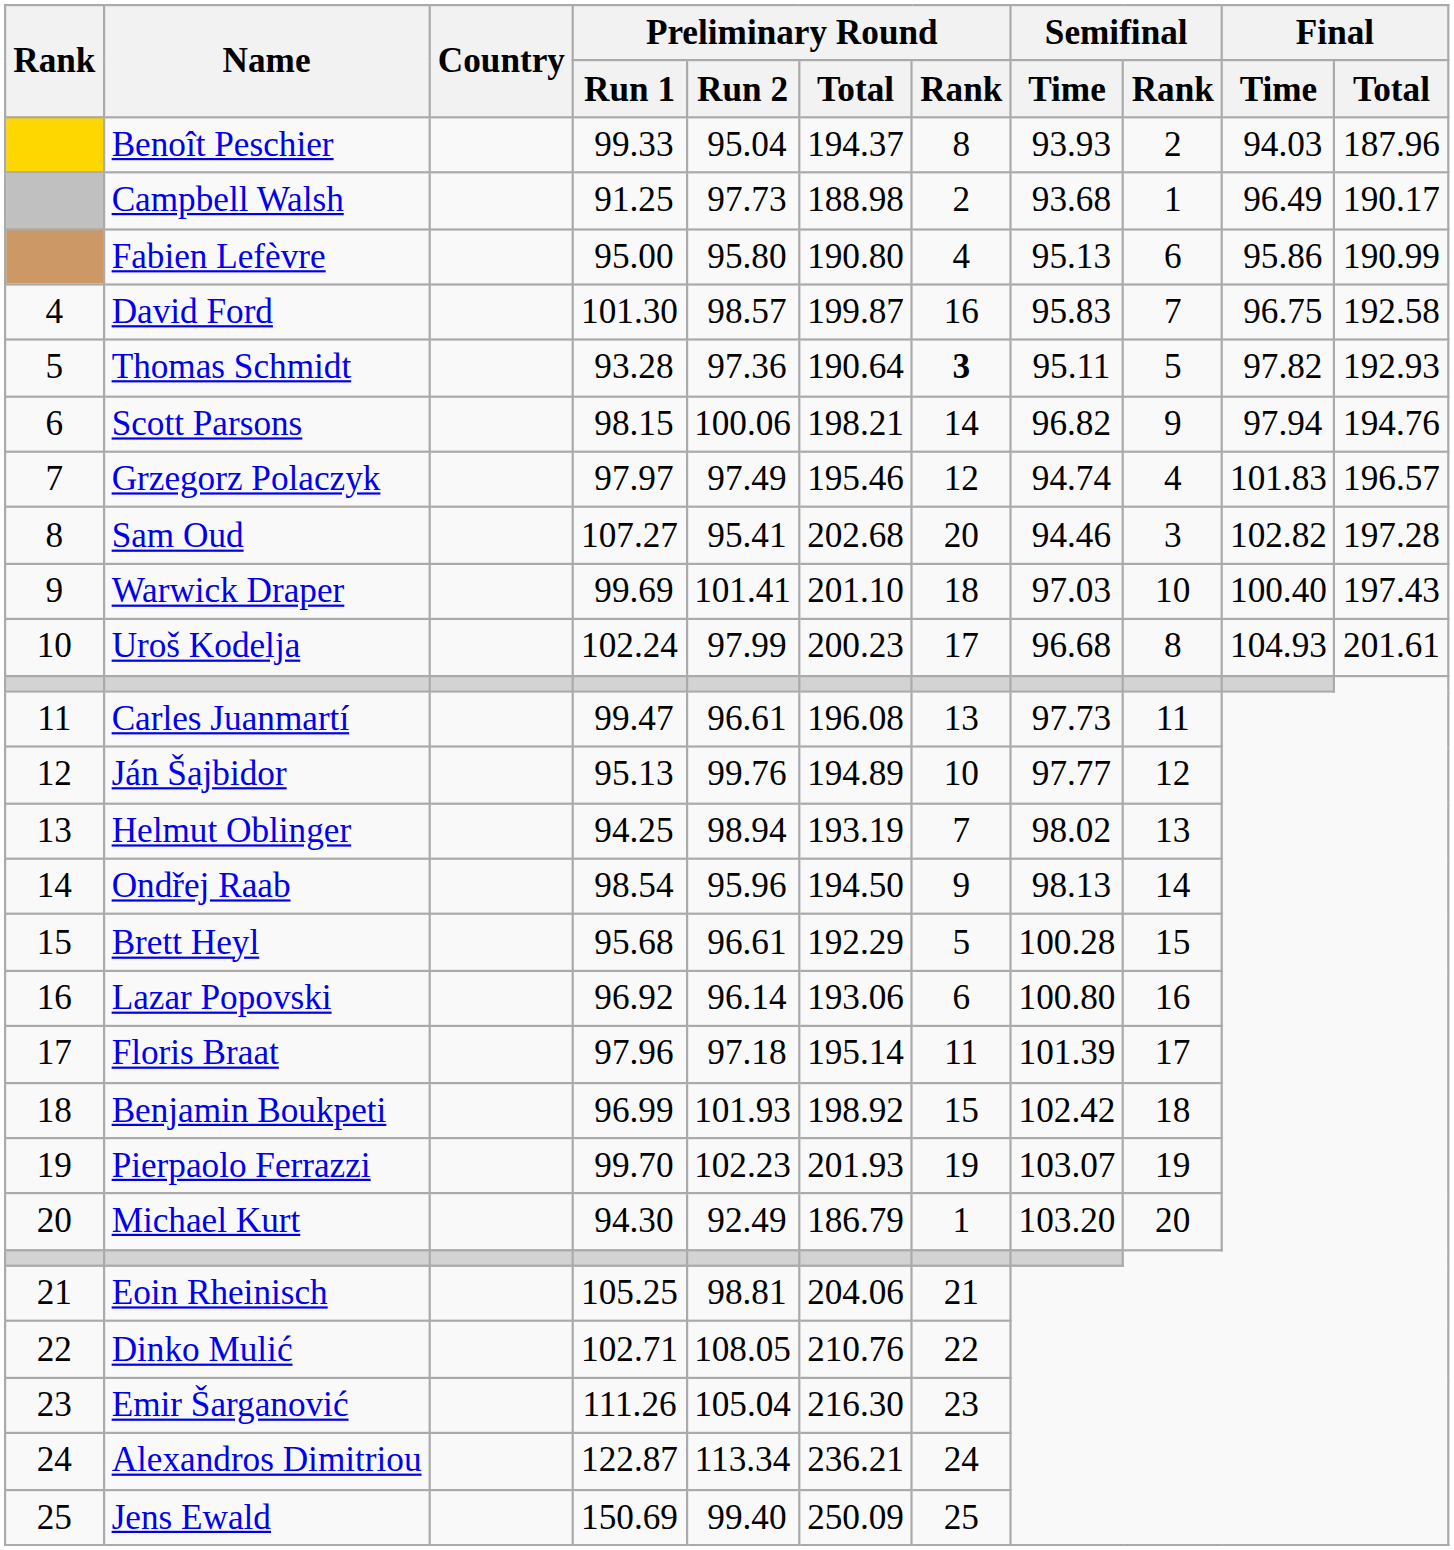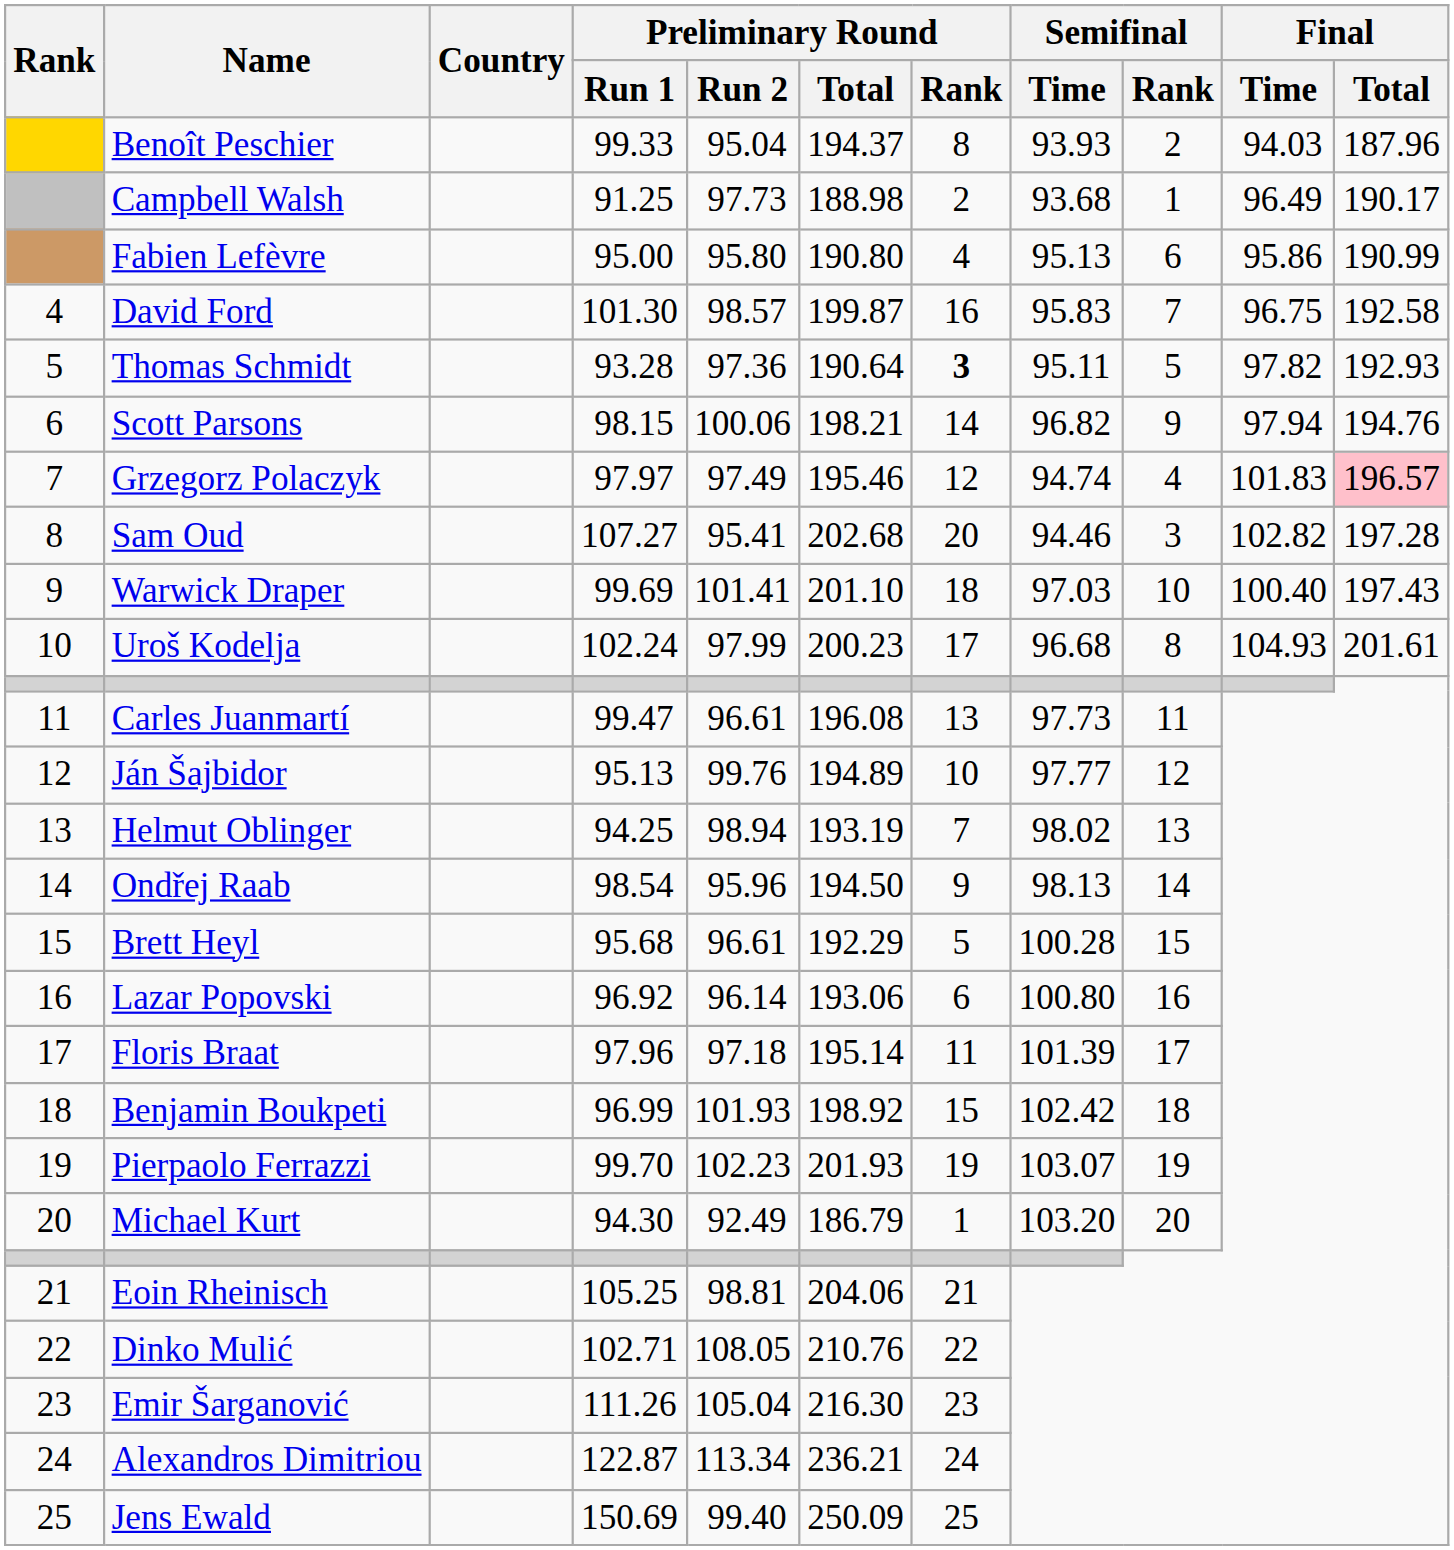 <table class="wikitable sortable" style="text-align:center">
 <tr>
 <th rowspan=2>Rank</th>
 <th rowspan=2>Name</th>
 <th rowspan=2>Country</th>
 <th colspan=4>Preliminary Round</th>
 <th colspan=2>Semifinal</th>
 <th colspan=2>Final</th>
 </tr>
 <tr>
 <th>Run 1</th>
 <th>Run 2</th>
 <th>Total</th>
 <th>Rank</th>
 <th>Time</th>
 <th>Rank</th>
 <th>Time</th>
 <th>Total</th>
 </tr>
 <tr>
 <td bgcolor=gold></td>
 <td align=left><a href='#'>Benoît Peschier</a></td>
 <td></td>
 <td> 99.33</td>
 <td> 95.04</td>
 <td>194.37</td>
 <td>8</td>
 <td> 93.93</td>
 <td>2</td>
 <td> 94.03</td>
 <td>187.96</td>
 </tr>
 <tr>
 <td bgcolor=silver></td>
 <td align=left><a href='#'>Campbell Walsh</a></td>
 <td></td>
 <td> 91.25</td>
 <td> 97.73</td>
 <td>188.98</td>
 <td>2</td>
 <td> 93.68</td>
 <td>1</td>
 <td> 96.49</td>
 <td>190.17</td>
 </tr>
 <tr>
 <td bgcolor=cc9966></td>
 <td align=left><a href='#'>Fabien Lefèvre</a></td>
 <td></td>
 <td> 95.00</td>
 <td> 95.80</td>
 <td>190.80</td>
 <td>4</td>
 <td> 95.13</td>
 <td>6</td>
 <td> 95.86</td>
 <td>190.99</td>
 </tr>
 <tr>
 <td>4</td>
 <td align=left><a href='#'>David Ford</a></td>
 <td></td>
 <td>101.30</td>
 <td> 98.57</td>
 <td>199.87</td>
 <td>16</td>
 <td> 95.83</td>
 <td>7</td>
 <td> 96.75</td>
 <td>192.58</td>
 </tr>
 <tr>
 <td>5</td>
 <td align=left><a href='#'>Thomas Schmidt</a></td>
 <td></td>
 <td> 93.28</td>
 <td> 97.36</td>
 <td>190.64</td>
 <td><strong>3</strong></td>
 <td> 95.11</td>
 <td>5</td>
 <td> 97.82</td>
 <td>192.93</td>
 </tr>
 <tr>
 <td>6</td>
 <td align=left><a href='#'>Scott Parsons</a></td>
 <td></td>
 <td> 98.15</td>
 <td>100.06</td>
 <td>198.21</td>
 <td>14</td>
 <td> 96.82</td>
 <td>9</td>
 <td> 97.94</td>
 <td>194.76</td>
 </tr>
 <tr>
 <td>7</td>
 <td align=left><a href='#'>Grzegorz Polaczyk</a></td>
 <td></td>
 <td> 97.97</td>
 <td> 97.49</td>
 <td>195.46</td>
 <td>12</td>
 <td> 94.74</td>
 <td>4</td>
 <td>101.83</td>
-<td>196.57</td>
+<td style="background: pink;">196.57</td>
 </tr>
 <tr>
 <td>8</td>
 <td align=left><a href='#'>Sam Oud</a></td>
 <td></td>
 <td>107.27</td>
 <td> 95.41</td>
 <td>202.68</td>
 <td>20</td>
 <td> 94.46</td>
 <td>3</td>
 <td>102.82</td>
 <td>197.28</td>
 </tr>
 <tr>
 <td>9</td>
 <td align=left><a href='#'>Warwick Draper</a></td>
 <td></td>
 <td> 99.69</td>
 <td>101.41</td>
 <td>201.10</td>
 <td>18</td>
 <td> 97.03</td>
 <td>10</td>
 <td>100.40</td>
 <td>197.43</td>
 </tr>
 <tr>
 <td>10</td>
 <td align=left><a href='#'>Uroš Kodelja</a></td>
 <td></td>
 <td>102.24</td>
 <td> 97.99</td>
 <td>200.23</td>
 <td>17</td>
 <td> 96.68</td>
 <td>8</td>
 <td>104.93</td>
 <td>201.61</td>
 </tr>
 <tr bgcolor=lightgray>
 <td></td>
 <td></td>
 <td></td>
 <td></td>
 <td></td>
 <td></td>
 <td></td>
 <td></td>
 <td></td>
 <td></td>
 </tr>
 <tr>
 <td>11</td>
 <td align=left><a href='#'>Carles Juanmartí</a></td>
 <td></td>
 <td> 99.47</td>
 <td> 96.61</td>
 <td>196.08</td>
 <td>13</td>
 <td> 97.73</td>
 <td>11</td>
 </tr>
 <tr>
 <td>12</td>
 <td align=left><a href='#'>Ján Šajbidor</a></td>
 <td></td>
 <td> 95.13</td>
 <td> 99.76</td>
 <td>194.89</td>
 <td>10</td>
 <td> 97.77</td>
 <td>12</td>
 </tr>
 <tr>
 <td>13</td>
 <td align=left><a href='#'>Helmut Oblinger</a></td>
 <td></td>
 <td> 94.25</td>
 <td> 98.94</td>
 <td>193.19</td>
 <td>7</td>
 <td> 98.02</td>
 <td>13</td>
 </tr>
 <tr>
 <td>14</td>
 <td align=left><a href='#'>Ondřej Raab</a></td>
 <td></td>
 <td> 98.54</td>
 <td> 95.96</td>
 <td>194.50</td>
 <td>9</td>
 <td> 98.13</td>
 <td>14</td>
 </tr>
 <tr>
 <td>15</td>
 <td align=left><a href='#'>Brett Heyl</a></td>
 <td></td>
 <td> 95.68</td>
 <td> 96.61</td>
 <td>192.29</td>
 <td>5</td>
 <td>100.28</td>
 <td>15</td>
 </tr>
 <tr>
 <td>16</td>
 <td align=left><a href='#'>Lazar Popovski</a></td>
 <td></td>
 <td> 96.92</td>
 <td> 96.14</td>
 <td>193.06</td>
 <td>6</td>
 <td>100.80</td>
 <td>16</td>
 </tr>
 <tr>
 <td>17</td>
 <td align=left><a href='#'>Floris Braat</a></td>
 <td></td>
 <td> 97.96</td>
 <td> 97.18</td>
 <td>195.14</td>
 <td>11</td>
 <td>101.39</td>
 <td>17</td>
 </tr>
 <tr>
 <td>18</td>
 <td align=left><a href='#'>Benjamin Boukpeti</a></td>
 <td></td>
 <td> 96.99</td>
 <td>101.93</td>
 <td>198.92</td>
 <td>15</td>
 <td>102.42</td>
 <td>18</td>
 </tr>
 <tr>
 <td>19</td>
 <td align=left><a href='#'>Pierpaolo Ferrazzi</a></td>
 <td></td>
 <td> 99.70</td>
 <td>102.23</td>
 <td>201.93</td>
 <td>19</td>
 <td>103.07</td>
 <td>19</td>
 </tr>
 <tr>
 <td>20</td>
 <td align=left><a href='#'>Michael Kurt</a></td>
 <td></td>
 <td> 94.30</td>
 <td> 92.49</td>
 <td>186.79</td>
 <td>1</td>
 <td>103.20</td>
 <td>20</td>
 </tr>
 <tr bgcolor=lightgray>
 <td></td>
 <td></td>
 <td></td>
 <td></td>
 <td></td>
 <td></td>
 <td></td>
 <td></td>
 </tr>
 <tr>
 <td>21</td>
 <td align=left><a href='#'>Eoin Rheinisch</a></td>
 <td></td>
 <td>105.25</td>
 <td> 98.81</td>
 <td>204.06</td>
 <td>21</td>
 </tr>
 <tr>
 <td>22</td>
 <td align=left><a href='#'>Dinko Mulić</a></td>
 <td></td>
 <td>102.71</td>
 <td>108.05</td>
 <td>210.76</td>
 <td>22</td>
 </tr>
 <tr>
 <td>23</td>
 <td align=left><a href='#'>Emir Šarganović</a></td>
 <td></td>
 <td>111.26</td>
 <td>105.04</td>
 <td>216.30</td>
 <td>23</td>
 </tr>
 <tr>
 <td>24</td>
 <td align=left><a href='#'>Alexandros Dimitriou</a></td>
 <td></td>
 <td>122.87</td>
 <td>113.34</td>
 <td>236.21</td>
 <td>24</td>
 </tr>
 <tr>
 <td>25</td>
 <td align=left><a href='#'>Jens Ewald</a></td>
 <td></td>
 <td>150.69</td>
 <td> 99.40</td>
 <td>250.09</td>
 <td>25</td>
 </tr>
 </table>
